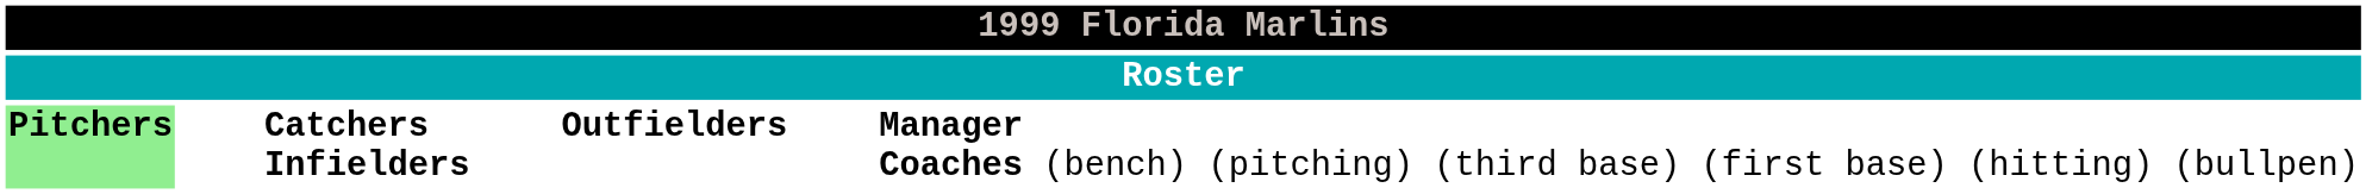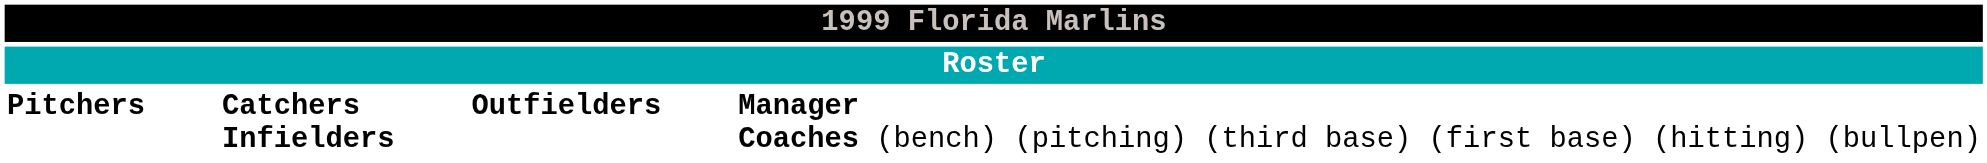 <table class="toccolours" style="font-size: 95%;">
 <tr>
 <th colspan="10" style="background-color: #000000; color: #C9C0BB; text-align: center;">1999 Florida Marlins</th>
 </tr>
 <tr>
 <td colspan="10" style="background-color: #00a8b0; color: white; text-align: center;"><strong>Roster</strong></td>
 </tr>
 <tr>
-<td valign="top" style="background: lightgreen;"><strong>Pitchers</strong><br>                    </td>
+<td valign="top"><strong>Pitchers</strong><br>                    </td>
 <td width="25px"></td>
 <td valign="top"><strong>Catchers</strong><br>     <strong>Infielders</strong>          </td>
 <td width="25px"></td>
 <td valign="top"><strong>Outfielders</strong><br>       </td>
 <td width="25px"></td>
 <td valign="top"><strong>Manager</strong><br> <strong>Coaches</strong>  (bench)  (pitching)  (third base)  (first base)  (hitting)  (bullpen)</td>
 </tr>
 <tr>
 </tr>
 </table>
